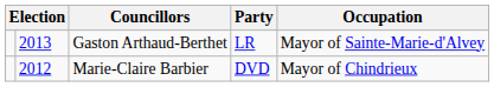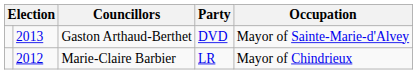 <table class="wikitable">
 <tr>
 <th colspan="2">Election</th>
 <th>Councillors</th>
 <th>Party</th>
 <th>Occupation</th>
 </tr>
 <tr>
 <td style="background-color: "></td>
 <td><a href='#'>2013</a></td>
 <td>Gaston Arthaud-Berthet</td>
-<td><a href='#'>LR</a></td>
+<td><a href='#'>DVD</a></td>
 <td>Mayor of <a href='#'>Sainte-Marie-d'Alvey</a></td>
 </tr>
 <tr>
 <td style="background-color: "></td>
 <td><a href='#'>2012</a></td>
 <td>Marie-Claire Barbier</td>
-<td><a href='#'>DVD</a></td>
+<td><a href='#'>LR</a></td>
 <td>Mayor of <a href='#'>Chindrieux</a></td>
 </tr>
 </table>
